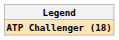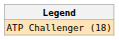 <table class=wikitable style=font-size:97%>
 <tr>
 <th>Legend</th>
 </tr>
 <tr bgcolor=moccasin>
-<td><strong>ATP Challenger (18)</strong></td>
+<td>ATP Challenger (18)</td>
 </tr>
 </table>
